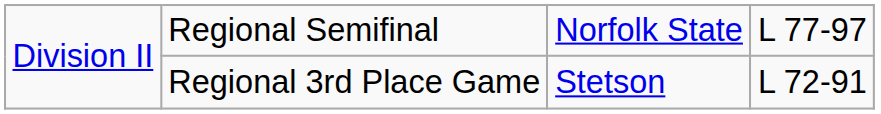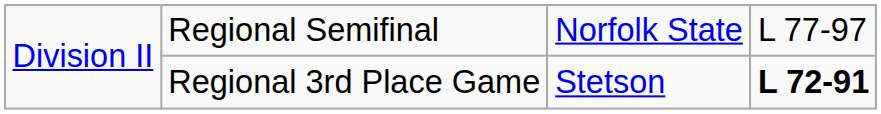 <table class="wikitable">
 <tr>
 <td rowspan="2"><a href='#'>Division II</a></td>
 <td>Regional Semifinal</td>
 <td><a href='#'>Norfolk State</a></td>
 <td>L 77-97</td>
 </tr>
 <tr>
 <td>Regional 3rd Place Game</td>
 <td><a href='#'>Stetson</a></td>
-<td>L 72-91</td>
+<td><strong>L 72-91</strong></td>
 </tr>
 </table>
